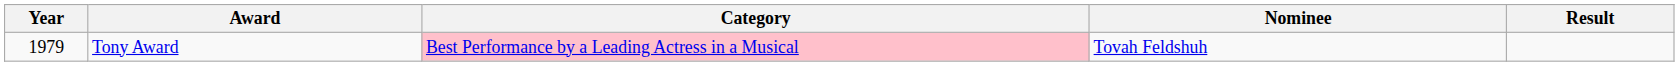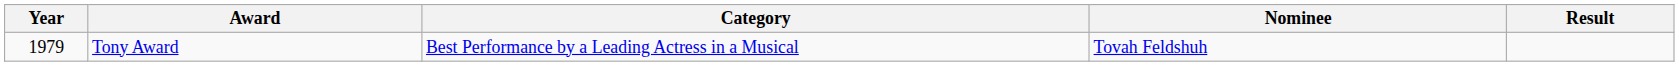 <table class="wikitable" width="95%">
 <tr>
 <th width="5%">Year</th>
 <th width="20%">Award</th>
 <th width="40%">Category</th>
 <th width="25%">Nominee</th>
 <th width="10%">Result</th>
 </tr>
 <tr>
 <td rowspan="8" align="center">1979</td>
 <td rowspan="6"><a href='#'>Tony Award</a></td>
-<td style="background: pink;"><a href='#'>Best Performance by a Leading Actress in a Musical</a></td>
+<td><a href='#'>Best Performance by a Leading Actress in a Musical</a></td>
 <td><a href='#'>Tovah Feldshuh</a></td>
 <td></td>
 </tr>
 </table>
